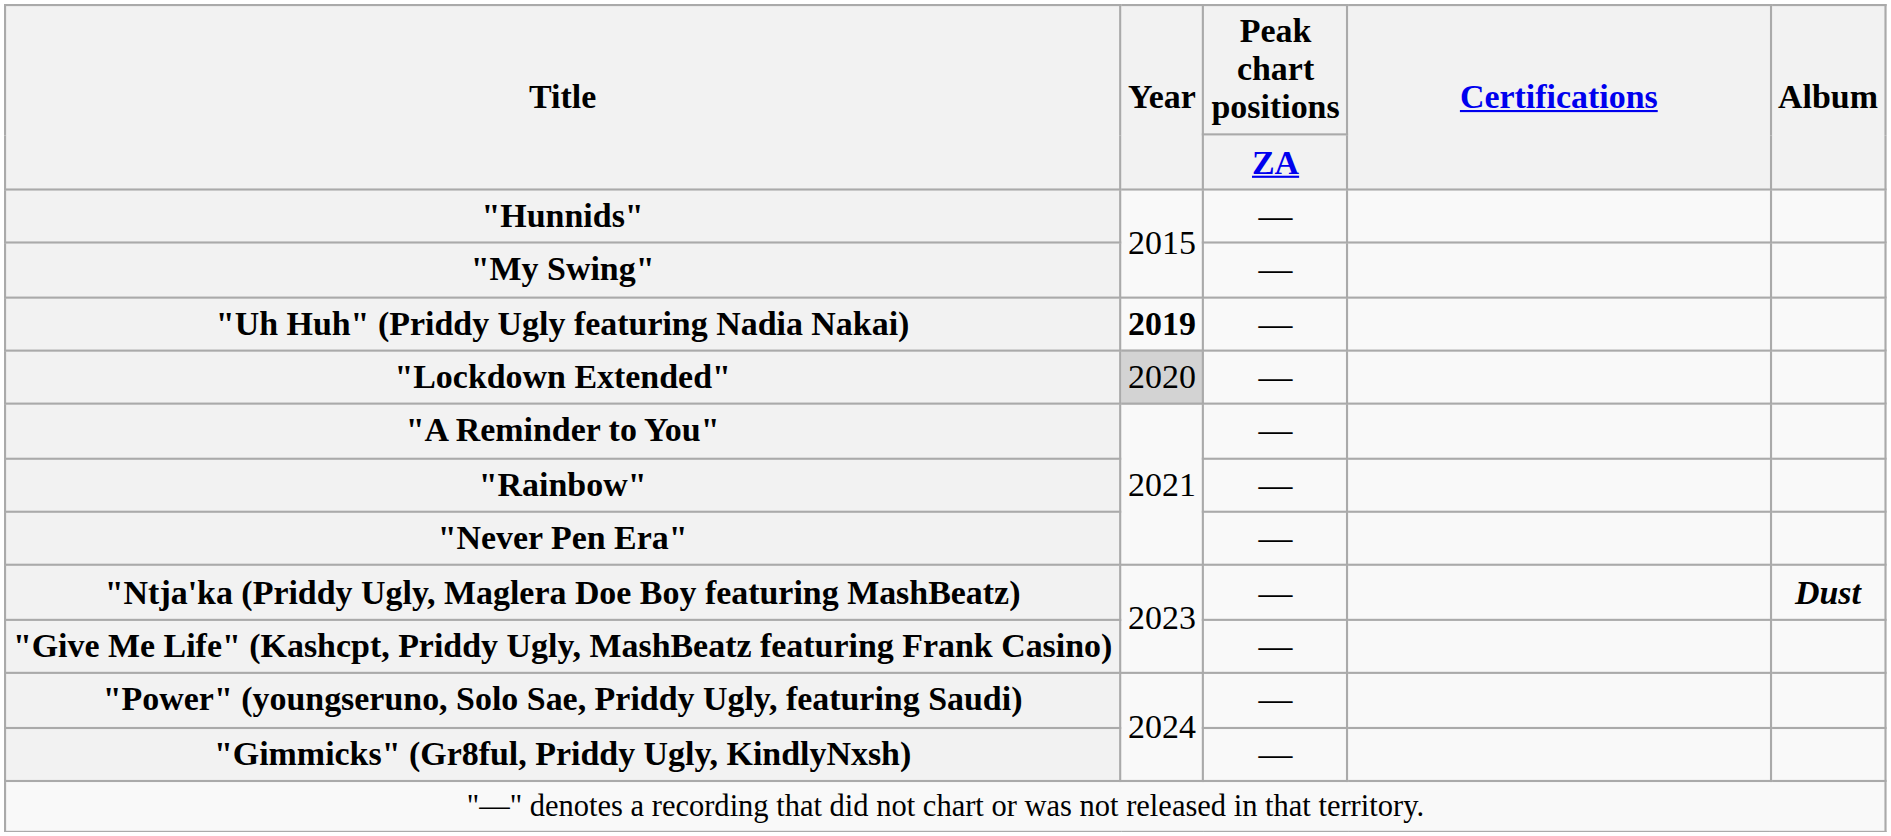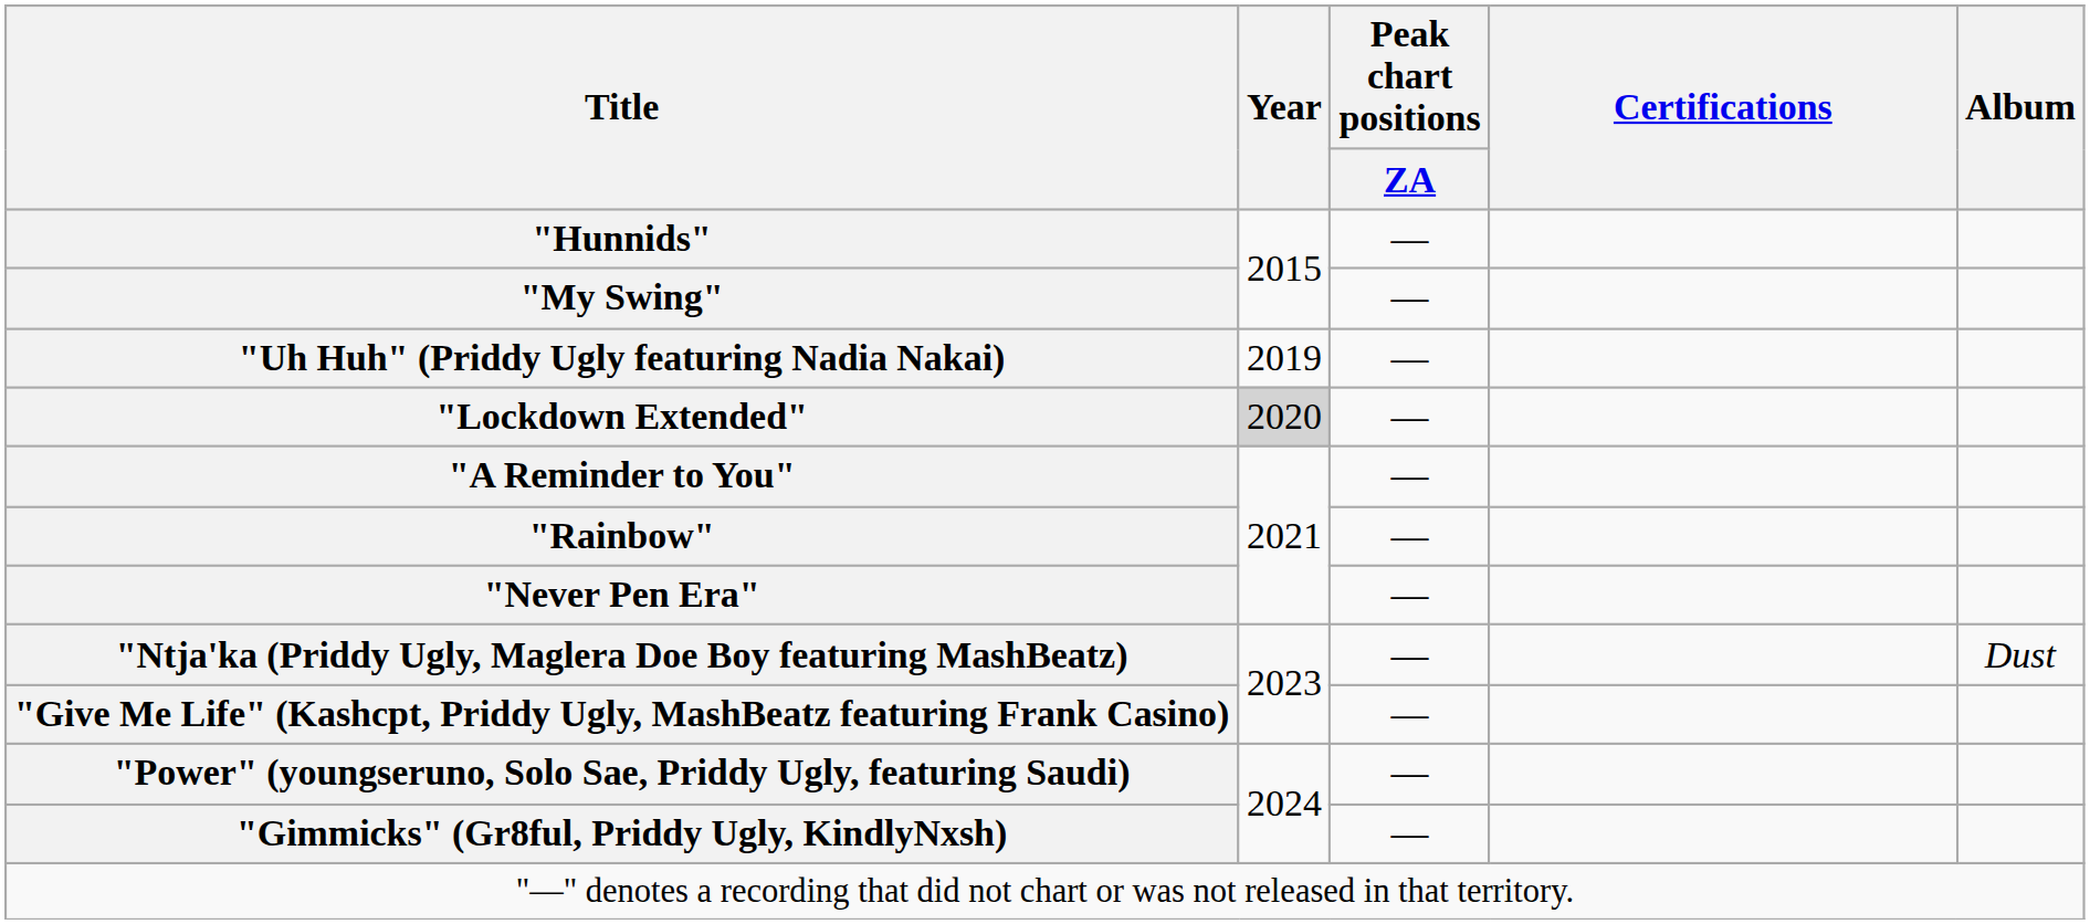 <table class="wikitable plainrowheaders" style="text-align:center;">
 <tr>
 <th scope="col" rowspan="2">Title</th>
 <th scope="col" rowspan="2">Year</th>
 <th scope="col" colspan="1">Peak chart positions</th>
 <th scope="col" rowspan="2" style="width:12em;"><a href='#'>Certifications</a></th>
 <th scope="col" rowspan="2">Album</th>
 </tr>
 <tr>
 <th scope="col" style="width:3em;font-size:100%;"><a href='#'>ZA</a><br></th>
 </tr>
 <tr>
 <th scope="row">"Hunnids"</th>
 <td rowspan=2>2015</td>
 <td>—</td>
 <td></td>
 <td></td>
 </tr>
 <tr>
 <th scope="row">"My Swing"</th>
 <td>—</td>
 <td></td>
 <td></td>
 </tr>
 <tr>
 <th scope="row">"Uh Huh" (Priddy Ugly featuring Nadia Nakai)</th>
-<td><strong>2019</strong></td>
+<td>2019</td>
 <td>—</td>
 <td></td>
 <td></td>
 </tr>
 <tr>
 <th scope="row">"Lockdown Extended"</th>
 <td style="background: lightgrey;">2020</td>
 <td>—</td>
 <td></td>
 <td></td>
 </tr>
 <tr>
 <th scope="row">"A Reminder to You"</th>
 <td rowspan=3>2021</td>
 <td>—</td>
 <td></td>
 <td></td>
 </tr>
 <tr>
 <th scope="row">"Rainbow"</th>
 <td>—</td>
 <td></td>
 <td></td>
 </tr>
 <tr>
 <th scope="row">"Never Pen Era"</th>
 <td>—</td>
 <td></td>
 <td></td>
 </tr>
 <tr>
 <th scope="row">"Ntja'ka (Priddy Ugly, Maglera Doe Boy featuring MashBeatz)</th>
 <td rowspan=2>2023</td>
 <td>—</td>
 <td></td>
-<td><strong><em>Dust</em></strong></td>
+<td><em>Dust</em></td>
 </tr>
 <tr>
 <th scope="row">"Give Me Life" (Kashcpt, Priddy Ugly, MashBeatz featuring Frank Casino)</th>
 <td>—</td>
 <td></td>
 <td></td>
 </tr>
 <tr>
 <th scope="row">"Power" (youngseruno, Solo Sae, Priddy Ugly, featuring Saudi)</th>
 <td rowspan=2>2024</td>
 <td>—</td>
 <td></td>
 <td></td>
 </tr>
 <tr>
 <th scope="row">"Gimmicks" (Gr8ful, Priddy Ugly, KindlyNxsh)</th>
 <td>—</td>
 <td></td>
 <td></td>
 </tr>
 <tr>
 <td colspan="8" style="font-size:90%">"—" denotes a recording that did not chart or was not released in that territory.</td>
 </tr>
 </table>
